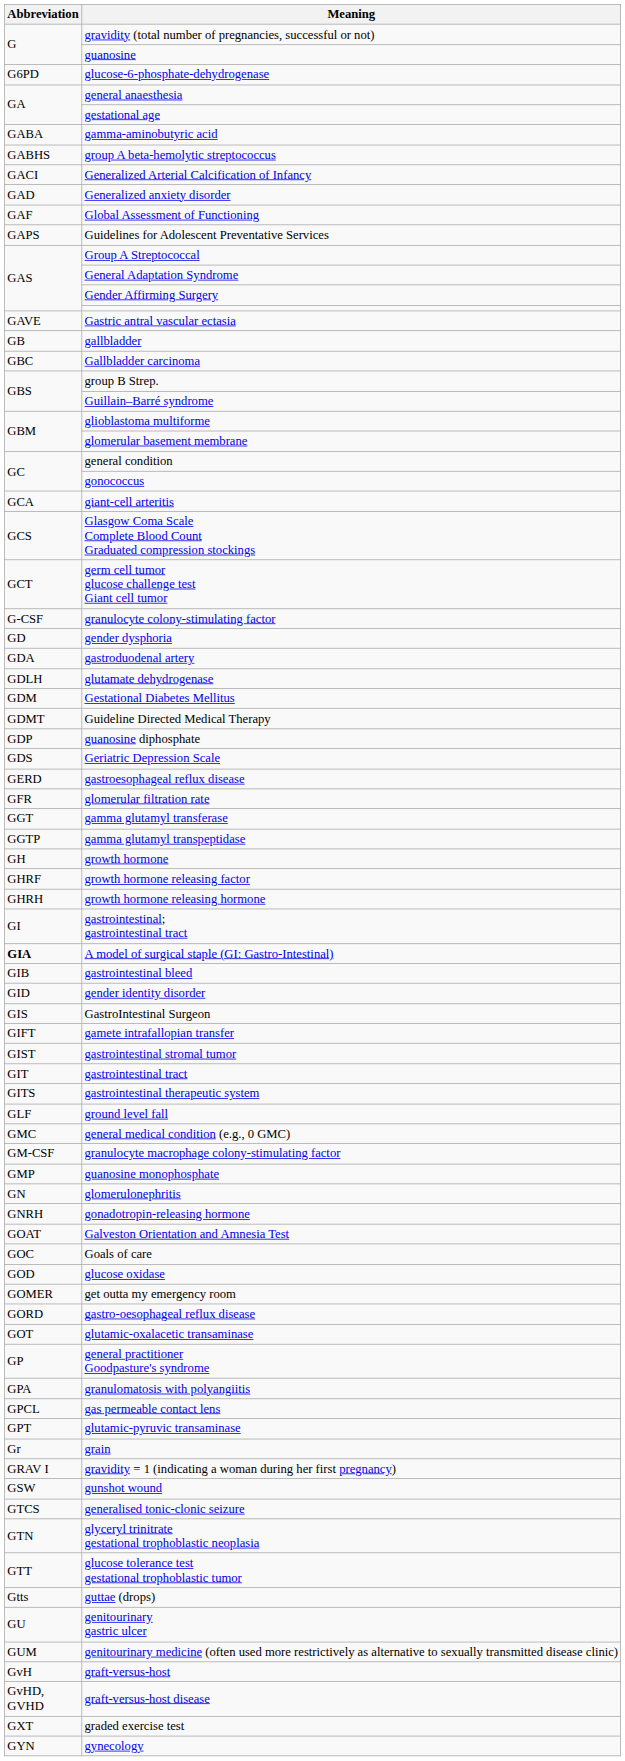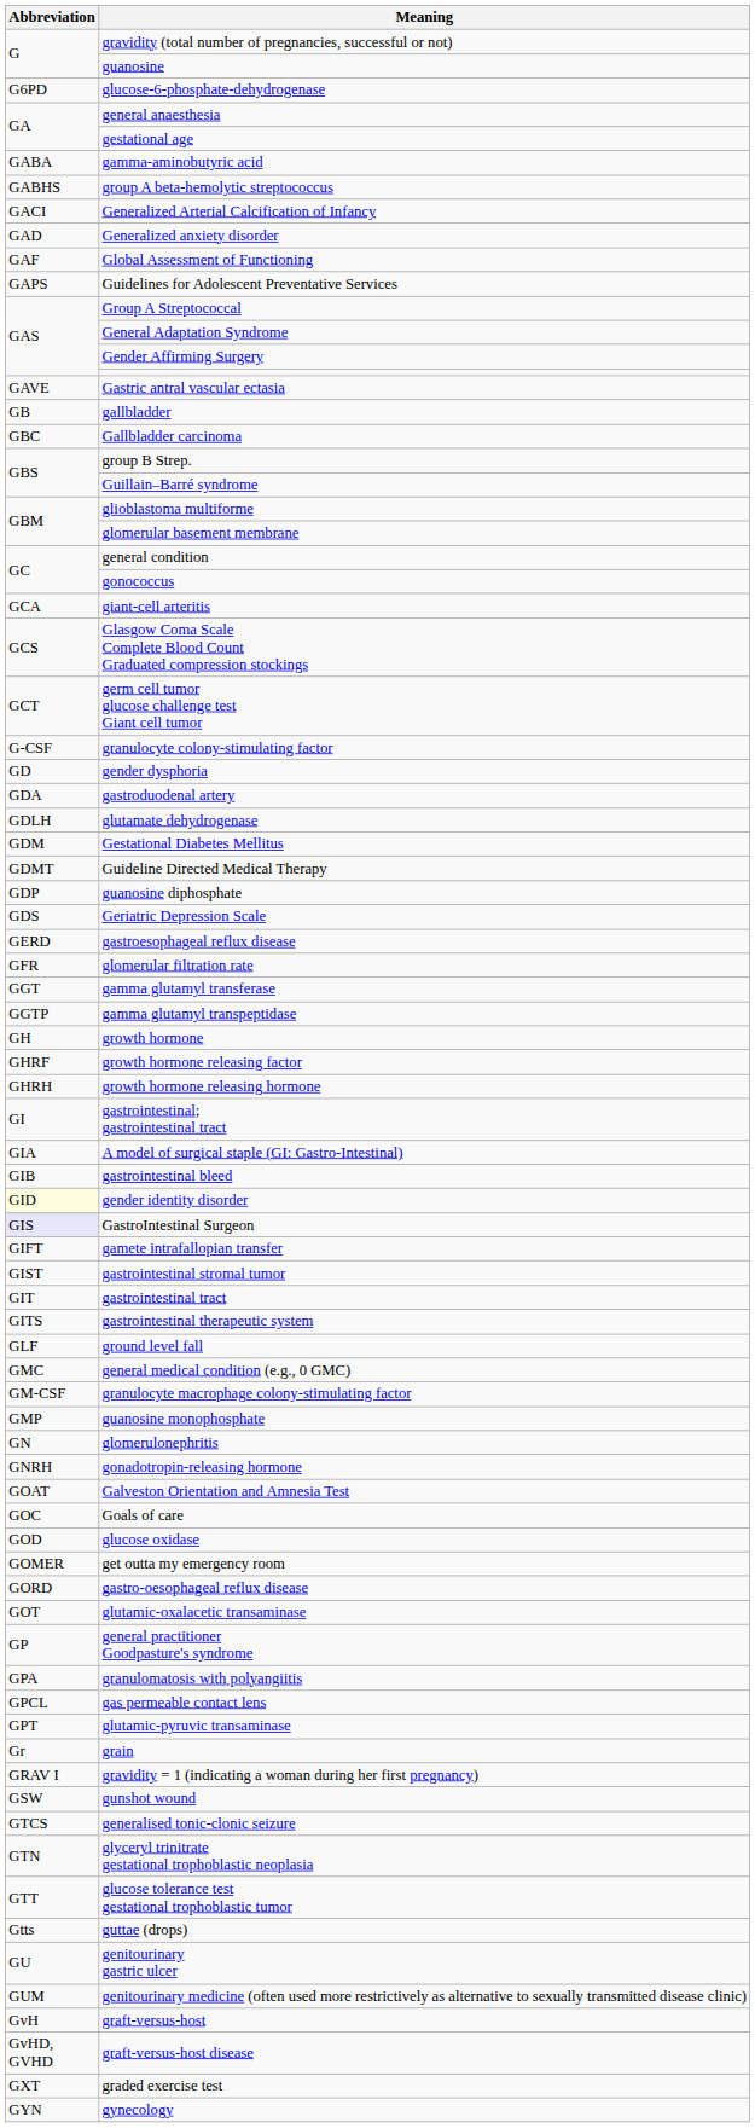 <table class="wikitable sortable">
 <tr>
 <th scope="col">Abbreviation</th>
 <th scope="col">Meaning</th>
 </tr>
 <tr>
 <td rowspan="2">G</td>
 <td><a href='#'>gravidity</a> (total number of pregnancies, successful or not)</td>
 </tr>
 <tr>
 <td><a href='#'>guanosine</a></td>
 </tr>
 <tr>
 <td>G6PD</td>
 <td><a href='#'>glucose-6-phosphate-dehydrogenase</a></td>
 </tr>
 <tr>
 <td rowspan="2">GA</td>
 <td><a href='#'>general anaesthesia</a></td>
 </tr>
 <tr>
 <td><a href='#'>gestational age</a></td>
 </tr>
 <tr>
 <td>GABA</td>
 <td><a href='#'>gamma-aminobutyric acid</a></td>
 </tr>
 <tr>
 <td>GABHS</td>
 <td><a href='#'>group A beta-hemolytic streptococcus</a></td>
 </tr>
 <tr>
 <td>GACI</td>
 <td><a href='#'>Generalized Arterial Calcification of Infancy</a></td>
 </tr>
 <tr>
 <td>GAD</td>
 <td><a href='#'>Generalized anxiety disorder</a></td>
 </tr>
 <tr>
 <td>GAF</td>
 <td><a href='#'>Global Assessment of Functioning</a></td>
 </tr>
 <tr>
 <td>GAPS</td>
 <td>Guidelines for Adolescent Preventative Services</td>
 </tr>
 <tr>
 <td rowspan="4">GAS</td>
 <td><a href='#'>Group A Streptococcal</a></td>
 </tr>
 <tr>
 <td><a href='#'>General Adaptation Syndrome</a></td>
 </tr>
 <tr>
 <td><a href='#'>Gender Affirming Surgery</a></td>
 </tr>
 <tr>
 <td></td>
 </tr>
 <tr>
 <td>GAVE</td>
 <td><a href='#'>Gastric antral vascular ectasia</a></td>
 </tr>
 <tr>
 <td>GB</td>
 <td><a href='#'>gallbladder</a></td>
 </tr>
 <tr>
 <td>GBC</td>
 <td><a href='#'>Gallbladder carcinoma</a></td>
 </tr>
 <tr>
 <td rowspan="2">GBS</td>
 <td>group B Strep.</td>
 </tr>
 <tr>
 <td><a href='#'>Guillain–Barré syndrome</a></td>
 </tr>
 <tr>
 <td rowspan="2">GBM</td>
 <td><a href='#'>glioblastoma multiforme</a></td>
 </tr>
 <tr>
 <td><a href='#'>glomerular basement membrane</a></td>
 </tr>
 <tr>
 <td rowspan="2">GC</td>
 <td>general condition</td>
 </tr>
 <tr>
 <td><a href='#'>gonococcus</a></td>
 </tr>
 <tr>
 <td>GCA</td>
 <td><a href='#'>giant-cell arteritis</a></td>
 </tr>
 <tr>
 <td>GCS</td>
 <td><a href='#'>Glasgow Coma Scale</a> <br> <a href='#'>Complete Blood Count</a> <br> <a href='#'>Graduated compression stockings</a></td>
 </tr>
 <tr>
 <td>GCT</td>
 <td><a href='#'>germ cell tumor</a> <br> <a href='#'>glucose challenge test</a> <br> <a href='#'>Giant cell tumor</a></td>
 </tr>
 <tr>
 <td>G-CSF</td>
 <td><a href='#'>granulocyte colony-stimulating factor</a></td>
 </tr>
 <tr>
 <td>GD</td>
 <td><a href='#'>gender dysphoria</a></td>
 </tr>
 <tr>
 <td>GDA</td>
 <td><a href='#'>gastroduodenal artery</a></td>
 </tr>
 <tr>
 <td>GDLH</td>
 <td><a href='#'>glutamate dehydrogenase</a></td>
 </tr>
 <tr>
 <td>GDM</td>
 <td><a href='#'>Gestational Diabetes Mellitus</a></td>
 </tr>
 <tr>
 <td>GDMT</td>
 <td>Guideline Directed Medical Therapy</td>
 </tr>
 <tr>
 <td>GDP</td>
 <td><a href='#'>guanosine</a> diphosphate</td>
 </tr>
 <tr>
 <td>GDS</td>
 <td><a href='#'>Geriatric Depression Scale</a></td>
 </tr>
 <tr>
 <td>GERD</td>
 <td><a href='#'>gastroesophageal reflux disease</a></td>
 </tr>
 <tr>
 <td>GFR</td>
 <td><a href='#'>glomerular filtration rate</a></td>
 </tr>
 <tr>
 <td>GGT</td>
 <td><a href='#'>gamma glutamyl transferase</a></td>
 </tr>
 <tr>
 <td>GGTP</td>
 <td><a href='#'>gamma glutamyl transpeptidase</a></td>
 </tr>
 <tr>
 <td>GH</td>
 <td><a href='#'>growth hormone</a></td>
 </tr>
 <tr>
 <td>GHRF</td>
 <td><a href='#'>growth hormone releasing factor</a></td>
 </tr>
 <tr>
 <td>GHRH</td>
 <td><a href='#'>growth hormone releasing hormone</a></td>
 </tr>
 <tr>
 <td>GI</td>
 <td><a href='#'>gastrointestinal</a>; <br> <a href='#'>gastrointestinal tract</a></td>
 </tr>
 <tr>
-<td><strong>GIA</strong></td>
+<td>GIA</td>
 <td><a href='#'>A model of surgical staple (GI: Gastro-Intestinal)</a></td>
 </tr>
 <tr>
 <td>GIB</td>
 <td><a href='#'>gastrointestinal bleed</a></td>
 </tr>
 <tr>
-<td>GID</td>
+<td style="background: lightyellow;">GID</td>
 <td><a href='#'>gender identity disorder</a></td>
 </tr>
 <tr>
-<td>GIS</td>
+<td style="background: lavender;">GIS</td>
 <td>GastroIntestinal Surgeon</td>
 </tr>
 <tr>
 <td>GIFT</td>
 <td><a href='#'>gamete intrafallopian transfer</a></td>
 </tr>
 <tr>
 <td>GIST</td>
 <td><a href='#'>gastrointestinal stromal tumor</a></td>
 </tr>
 <tr>
 <td>GIT</td>
 <td><a href='#'>gastrointestinal tract</a></td>
 </tr>
 <tr>
 <td>GITS</td>
 <td><a href='#'>gastrointestinal therapeutic system</a></td>
 </tr>
 <tr>
 <td>GLF</td>
 <td><a href='#'>ground level fall</a></td>
 </tr>
 <tr>
 <td>GMC</td>
 <td><a href='#'>general medical condition</a> (e.g., 0 GMC)</td>
 </tr>
 <tr>
 <td>GM-CSF</td>
 <td><a href='#'>granulocyte macrophage colony-stimulating factor</a></td>
 </tr>
 <tr>
 <td>GMP</td>
 <td><a href='#'>guanosine monophosphate</a></td>
 </tr>
 <tr>
 <td>GN</td>
 <td><a href='#'>glomerulonephritis</a></td>
 </tr>
 <tr>
 <td>GNRH</td>
 <td><a href='#'>gonadotropin-releasing hormone</a></td>
 </tr>
 <tr>
 <td>GOAT</td>
 <td><a href='#'>Galveston Orientation and Amnesia Test</a></td>
 </tr>
 <tr>
 <td>GOC</td>
 <td>Goals of care</td>
 </tr>
 <tr>
 <td>GOD</td>
 <td><a href='#'>glucose oxidase</a></td>
 </tr>
 <tr>
 <td>GOMER</td>
 <td>get outta my emergency room</td>
 </tr>
 <tr>
 <td>GORD</td>
 <td><a href='#'>gastro-oesophageal reflux disease</a></td>
 </tr>
 <tr>
 <td>GOT</td>
 <td><a href='#'>glutamic-oxalacetic transaminase</a></td>
 </tr>
 <tr>
 <td>GP</td>
 <td><a href='#'>general practitioner</a> <br> <a href='#'>Goodpasture's syndrome</a></td>
 </tr>
 <tr>
 <td>GPA</td>
 <td><a href='#'>granulomatosis with polyangiitis</a></td>
 </tr>
 <tr>
 <td>GPCL</td>
 <td><a href='#'>gas permeable contact lens</a></td>
 </tr>
 <tr>
 <td>GPT</td>
 <td><a href='#'>glutamic-pyruvic transaminase</a></td>
 </tr>
 <tr>
 <td>Gr</td>
 <td><a href='#'>grain</a></td>
 </tr>
 <tr>
 <td>GRAV I</td>
 <td><a href='#'>gravidity</a> = 1 (indicating a woman during her first <a href='#'>pregnancy</a>)</td>
 </tr>
 <tr>
 <td>GSW</td>
 <td><a href='#'>gunshot wound</a></td>
 </tr>
 <tr>
 <td>GTCS</td>
 <td><a href='#'>generalised tonic-clonic seizure</a></td>
 </tr>
 <tr>
 <td>GTN</td>
 <td><a href='#'>glyceryl trinitrate</a> <br> <a href='#'>gestational trophoblastic neoplasia</a></td>
 </tr>
 <tr>
 <td>GTT</td>
 <td><a href='#'>glucose tolerance test</a> <br> <a href='#'>gestational trophoblastic tumor</a></td>
 </tr>
 <tr>
 <td>Gtts</td>
 <td><a href='#'>guttae</a> (drops)</td>
 </tr>
 <tr>
 <td>GU</td>
 <td><a href='#'>genitourinary</a> <br> <a href='#'>gastric ulcer</a></td>
 </tr>
 <tr>
 <td>GUM</td>
 <td><a href='#'>genitourinary medicine</a> (often used more restrictively as alternative to sexually transmitted disease clinic)</td>
 </tr>
 <tr>
 <td>GvH</td>
 <td><a href='#'>graft-versus-host</a></td>
 </tr>
 <tr>
 <td>GvHD, <br> GVHD</td>
 <td><a href='#'>graft-versus-host disease</a></td>
 </tr>
 <tr>
 <td>GXT</td>
 <td>graded exercise test</td>
 </tr>
 <tr>
 <td>GYN</td>
 <td><a href='#'>gynecology</a></td>
 </tr>
 </table>
